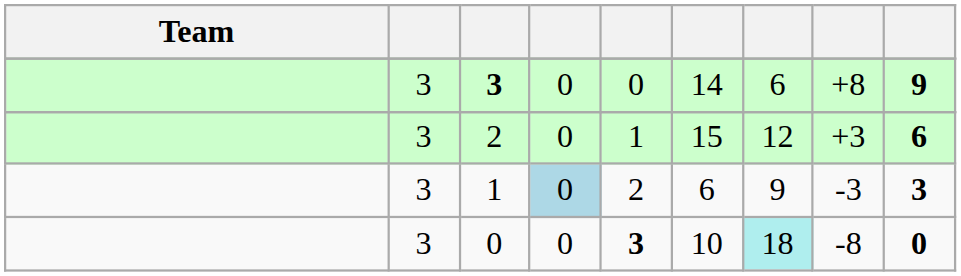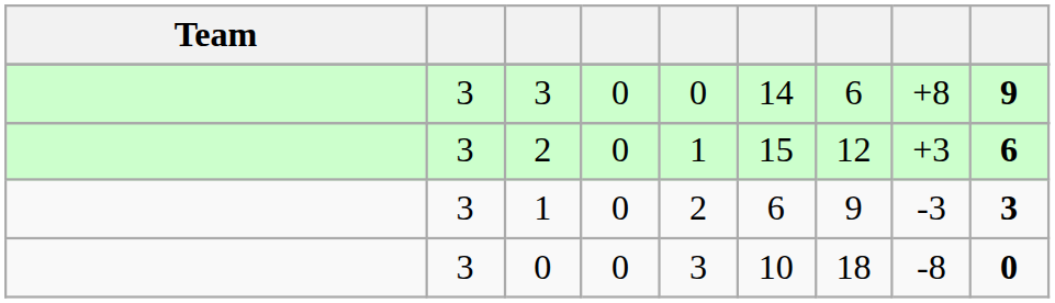 <table class="wikitable" style="text-align: center; font-size: 90%;">
 <tr>
 <th width="165">Team</th>
 <th width="25"></th>
 <th width="25"></th>
 <th width="25"></th>
 <th width="25"></th>
 <th width="25"></th>
 <th width="25"></th>
 <th width="25"></th>
 <th width="25"><br></th>
 </tr>
 <tr align="center">
 </tr>
 <tr bgcolor=#ccffcc>
 <td style="text-align:left;"></td>
 <td>3</td>
-<td><strong>3</strong></td>
+<td>3</td>
 <td>0</td>
 <td>0</td>
 <td>14</td>
 <td>6</td>
 <td>+8</td>
 <td><strong>9</strong></td>
 </tr>
 <tr align="center">
 </tr>
 <tr bgcolor=#ccffcc>
 <td style="text-align:left;"></td>
 <td>3</td>
 <td>2</td>
 <td>0</td>
 <td>1</td>
 <td>15</td>
 <td>12</td>
 <td>+3</td>
 <td><strong>6</strong></td>
 </tr>
 <tr align=center>
 <td style="text-align:left;"></td>
 <td>3</td>
 <td>1</td>
-<td style="background: lightblue;">0</td>
+<td>0</td>
 <td>2</td>
 <td>6</td>
 <td>9</td>
 <td>-3</td>
 <td><strong>3</strong></td>
 </tr>
 <tr align=center>
 <td style="text-align:left;"></td>
 <td>3</td>
 <td>0</td>
 <td>0</td>
-<td><strong>3</strong></td>
+<td>3</td>
 <td>10</td>
-<td style="background: paleturquoise;">18</td>
+<td>18</td>
 <td>-8</td>
 <td><strong>0</strong></td>
 </tr>
 </table>
